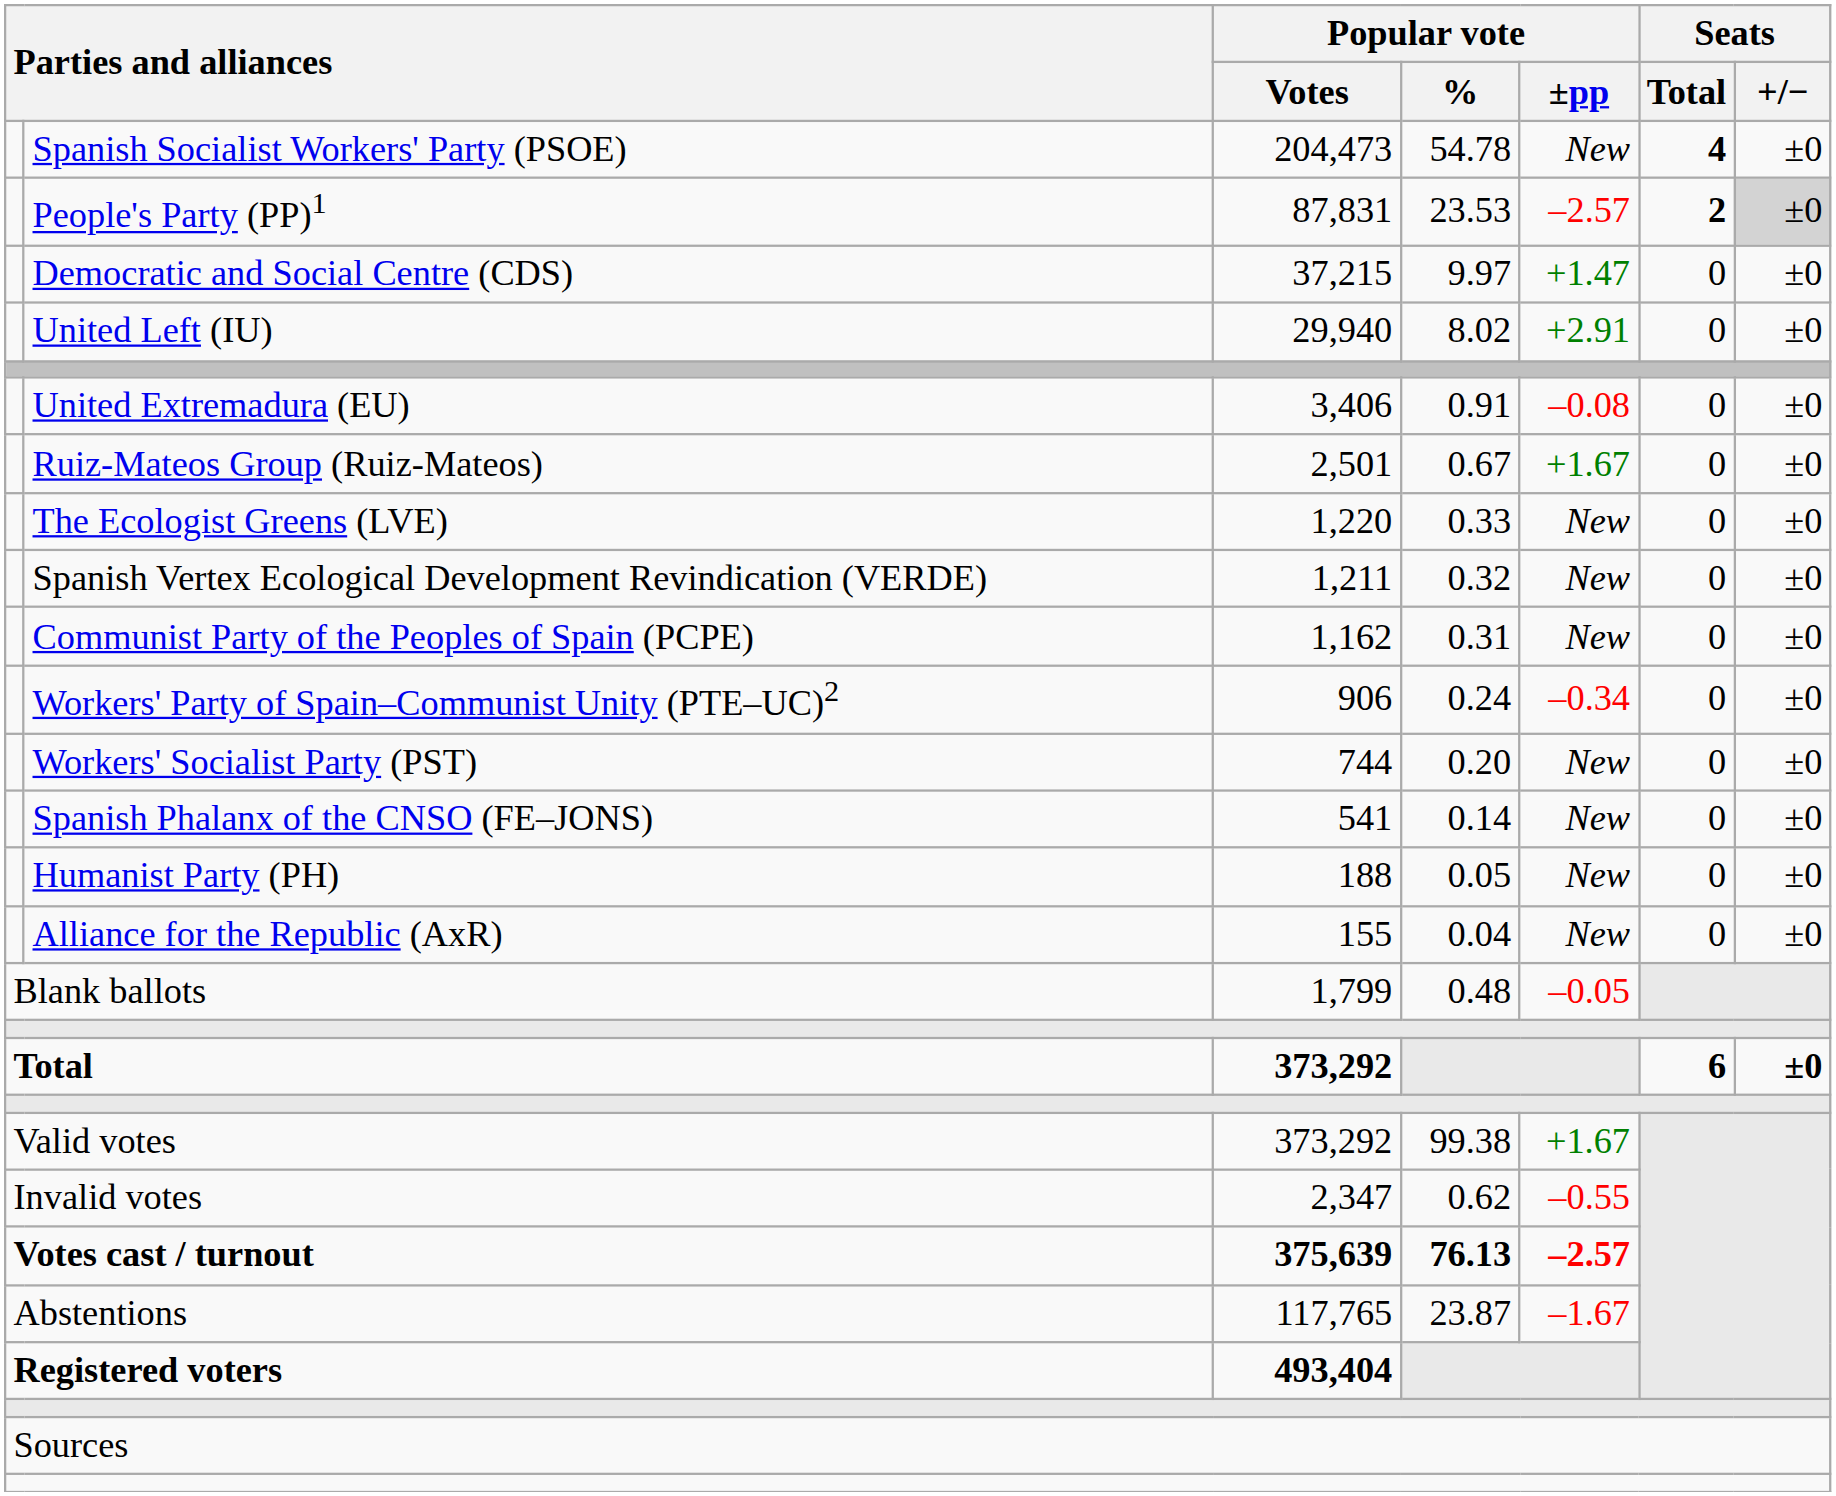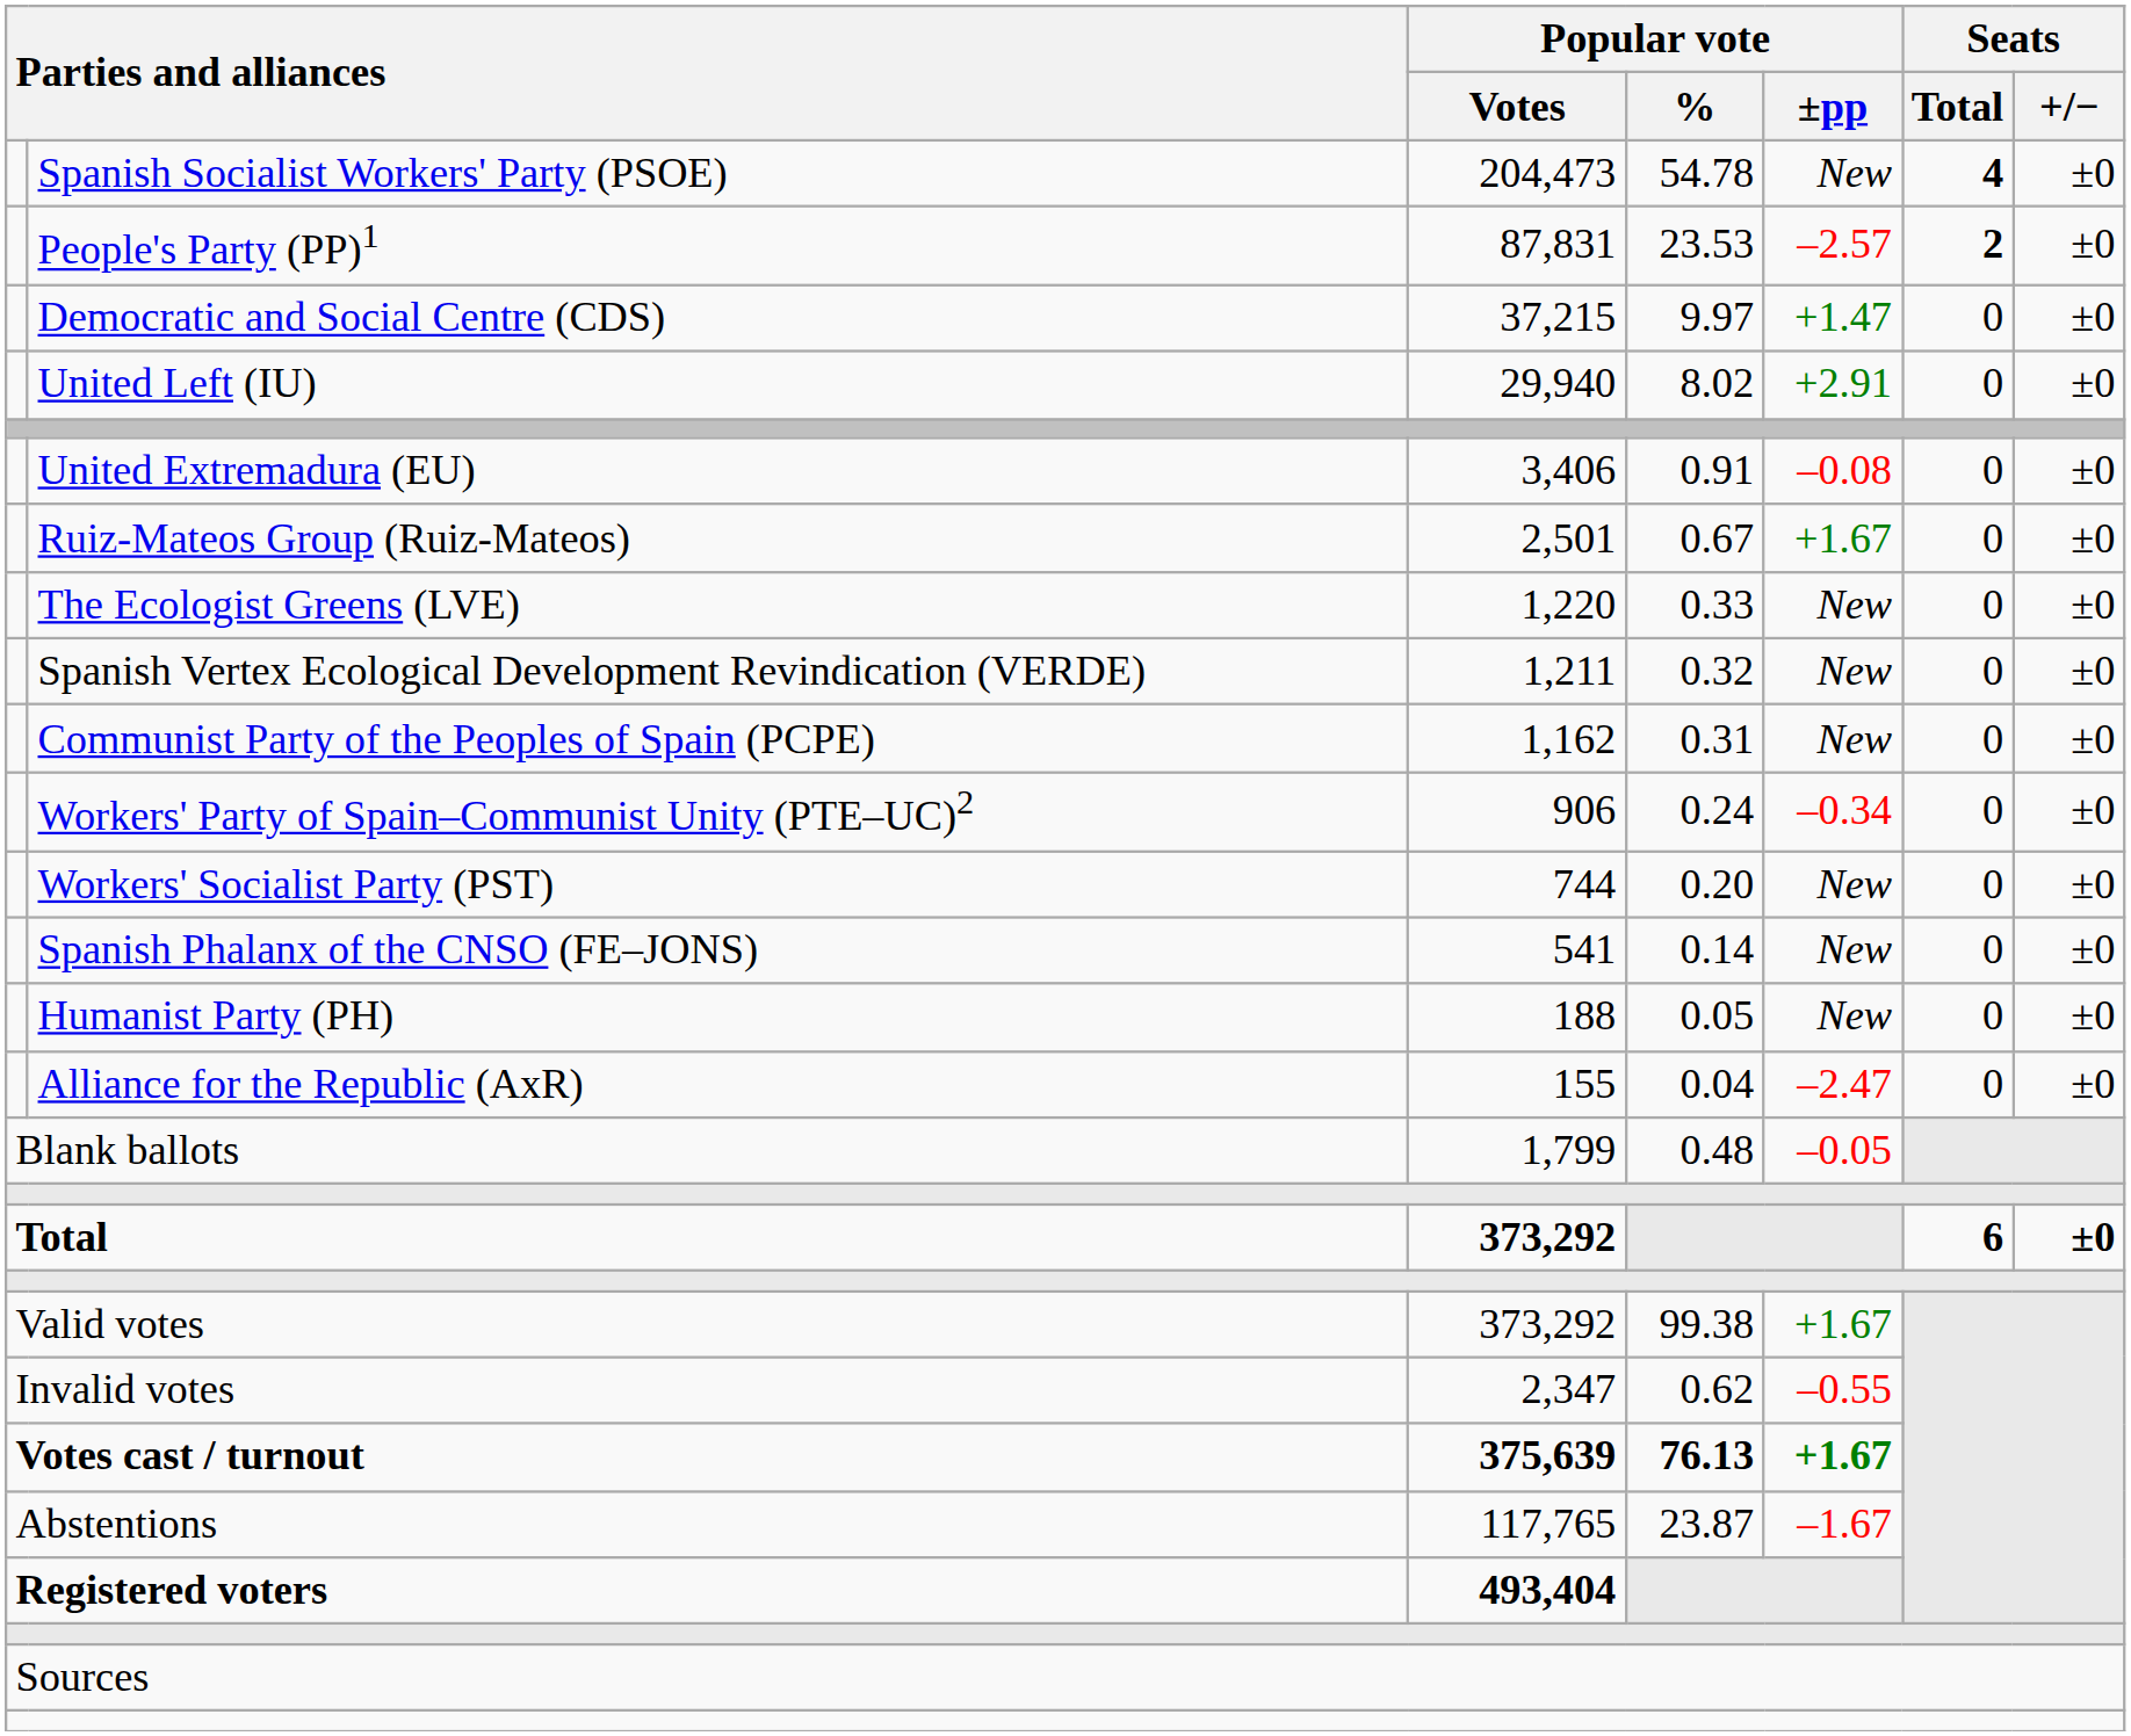 <table class="wikitable" style="text-align:right;">
 <tr>
 <th style="text-align:left;" rowspan="2" colspan="2" width="525">Parties and alliances</th>
 <th colspan="3">Popular vote</th>
 <th colspan="2">Seats</th>
 </tr>
 <tr>
 <th width="75">Votes</th>
 <th width="45">%</th>
 <th width="45">±<a href='#'>pp</a></th>
 <th width="35">Total</th>
 <th width="35">+/−</th>
 </tr>
 <tr>
 <td width="1" style="color:inherit;background:"></td>
 <td align="left"><a href='#'>Spanish Socialist Workers' Party</a> (PSOE)</td>
 <td>204,473</td>
 <td>54.78</td>
 <td><em>New</em></td>
 <td><strong>4</strong></td>
 <td>±0</td>
 </tr>
 <tr>
 <td style="color:inherit;background:"></td>
 <td align="left"><a href='#'>People's Party</a> (PP)<sup>1</sup></td>
 <td>87,831</td>
 <td>23.53</td>
 <td style="color:red;">–2.57</td>
 <td><strong>2</strong></td>
-<td style="background: lightgrey;">±0</td>
+<td>±0</td>
 </tr>
 <tr>
 <td style="color:inherit;background:"></td>
 <td align="left"><a href='#'>Democratic and Social Centre</a> (CDS)</td>
 <td>37,215</td>
 <td>9.97</td>
 <td style="color:green;">+1.47</td>
 <td>0</td>
 <td>±0</td>
 </tr>
 <tr>
 <td style="color:inherit;background:"></td>
 <td align="left"><a href='#'>United Left</a> (IU)</td>
 <td>29,940</td>
 <td>8.02</td>
 <td style="color:green;">+2.91</td>
 <td>0</td>
 <td>±0</td>
 </tr>
 <tr>
 <td colspan="7" bgcolor="#C0C0C0"></td>
 </tr>
 <tr>
 <td style="color:inherit;background:"></td>
 <td align="left"><a href='#'>United Extremadura</a> (EU)</td>
 <td>3,406</td>
 <td>0.91</td>
 <td style="color:red;">–0.08</td>
 <td>0</td>
 <td>±0</td>
 </tr>
 <tr>
 <td style="color:inherit;background:"></td>
 <td align="left"><a href='#'>Ruiz-Mateos Group</a> (Ruiz-Mateos)</td>
 <td>2,501</td>
 <td>0.67</td>
 <td style="color:green;">+1.67</td>
 <td>0</td>
 <td>±0</td>
 </tr>
 <tr>
 <td style="color:inherit;background:"></td>
 <td align="left"><a href='#'>The Ecologist Greens</a> (LVE)</td>
 <td>1,220</td>
 <td>0.33</td>
 <td><em>New</em></td>
 <td>0</td>
 <td>±0</td>
 </tr>
 <tr>
 <td style="color:inherit;background:"></td>
 <td align="left">Spanish Vertex Ecological Development Revindication (VERDE)</td>
 <td>1,211</td>
 <td>0.32</td>
 <td><em>New</em></td>
 <td>0</td>
 <td>±0</td>
 </tr>
 <tr>
 <td style="color:inherit;background:"></td>
 <td align="left"><a href='#'>Communist Party of the Peoples of Spain</a> (PCPE)</td>
 <td>1,162</td>
 <td>0.31</td>
 <td><em>New</em></td>
 <td>0</td>
 <td>±0</td>
 </tr>
 <tr>
 <td style="color:inherit;background:"></td>
 <td align="left"><a href='#'>Workers' Party of Spain–Communist Unity</a> (PTE–UC)<sup>2</sup></td>
 <td>906</td>
 <td>0.24</td>
 <td style="color:red;">–0.34</td>
 <td>0</td>
 <td>±0</td>
 </tr>
 <tr>
 <td style="color:inherit;background:"></td>
 <td align="left"><a href='#'>Workers' Socialist Party</a> (PST)</td>
 <td>744</td>
 <td>0.20</td>
 <td><em>New</em></td>
 <td>0</td>
 <td>±0</td>
 </tr>
 <tr>
 <td style="color:inherit;background:"></td>
 <td align="left"><a href='#'>Spanish Phalanx of the CNSO</a> (FE–JONS)</td>
 <td>541</td>
 <td>0.14</td>
 <td><em>New</em></td>
 <td>0</td>
 <td>±0</td>
 </tr>
 <tr>
 <td style="color:inherit;background:"></td>
 <td align="left"><a href='#'>Humanist Party</a> (PH)</td>
 <td>188</td>
 <td>0.05</td>
 <td><em>New</em></td>
 <td>0</td>
 <td>±0</td>
 </tr>
 <tr>
 <td style="color:inherit;background:"></td>
 <td align="left"><a href='#'>Alliance for the Republic</a> (AxR)</td>
 <td>155</td>
 <td>0.04</td>
-<td><em>New</em></td>
+<td style="color:red;">–2.47</td>
 <td>0</td>
 <td>±0</td>
 </tr>
 <tr>
 <td align="left" colspan="2">Blank ballots</td>
 <td>1,799</td>
 <td>0.48</td>
 <td style="color:red;">–0.05</td>
 <td bgcolor="#E9E9E9" colspan="2"></td>
 </tr>
 <tr>
 <td colspan="7" bgcolor="#E9E9E9"></td>
 </tr>
 <tr style="font-weight:bold;">
 <td align="left" colspan="2">Total</td>
 <td>373,292</td>
 <td bgcolor="#E9E9E9" colspan="2"></td>
 <td>6</td>
 <td>±0</td>
 </tr>
 <tr>
 <td colspan="7" bgcolor="#E9E9E9"></td>
 </tr>
 <tr>
 <td align="left" colspan="2">Valid votes</td>
 <td>373,292</td>
 <td>99.38</td>
 <td style="color:green;">+1.67</td>
 <td bgcolor="#E9E9E9" colspan="2" rowspan="5"></td>
 </tr>
 <tr>
 <td align="left" colspan="2">Invalid votes</td>
 <td>2,347</td>
 <td>0.62</td>
 <td style="color:red;">–0.55</td>
 </tr>
 <tr style="font-weight:bold;">
 <td align="left" colspan="2">Votes cast / turnout</td>
 <td>375,639</td>
 <td>76.13</td>
-<td style="color:red;">–2.57</td>
+<td style="color:green;">+1.67</td>
 </tr>
 <tr>
 <td align="left" colspan="2">Abstentions</td>
 <td>117,765</td>
 <td>23.87</td>
 <td style="color:red;">–1.67</td>
 </tr>
 <tr style="font-weight:bold;">
 <td align="left" colspan="2">Registered voters</td>
 <td>493,404</td>
 <td bgcolor="#E9E9E9" colspan="2"></td>
 </tr>
 <tr>
 <td colspan="7" bgcolor="#E9E9E9"></td>
 </tr>
 <tr>
 <td align="left" colspan="7">Sources</td>
 </tr>
 <tr>
 <td colspan="7" style="text-align:left; max-width:790px;"></td>
 </tr>
 </table>
